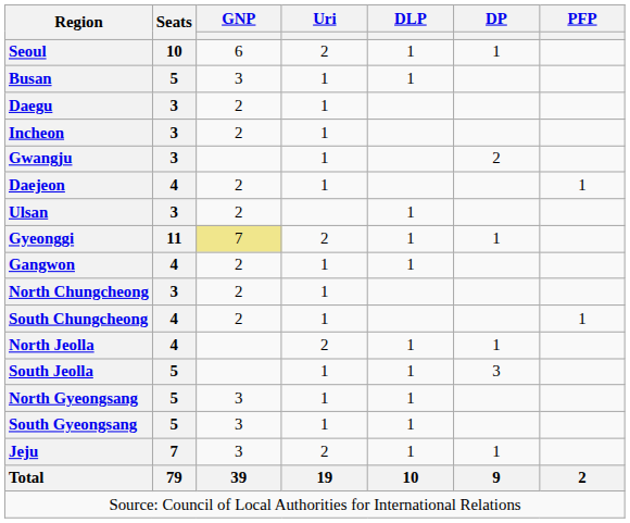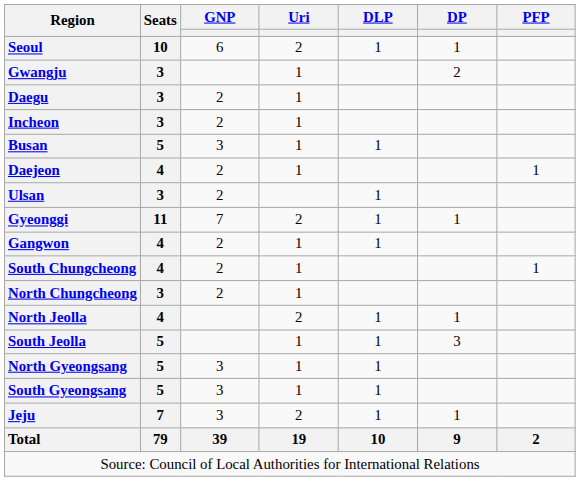 <table class="wikitable" style="text-align:center; font-size: 0.9em;">
 <tr>
 <th rowspan="2">Region</th>
 <th rowspan="2">Seats</th>
 <th class="unsortable" style="width:70px;"><a href='#'>GNP</a></th>
 <th class="unsortable" style="width:70px;"><a href='#'>Uri</a></th>
 <th class="unsortable" style="width:70px;"><a href='#'>DLP</a></th>
 <th class="unsortable" style="width:70px;"><a href='#'>DP</a></th>
 <th class="unsortable" style="width:70px;"><a href='#'>PFP</a></th>
 </tr>
 <tr>
 <th style="background:"></th>
 <th style="background:"></th>
 <th style="background:"></th>
 <th style="background:"></th>
 <th style="background:"></th>
 </tr>
 <tr>
 <th style="text-align: left;"><a href='#'>Seoul</a></th>
 <th>10</th>
 <td>6</td>
 <td>2</td>
 <td>1</td>
 <td>1</td>
 <td></td>
 </tr>
 <tr>
-<th style="text-align: left;"><a href='#'>Busan</a></th>
-<th>5</th>
-<td>3</td>
-<td>1</td>
+<th style="text-align: left;"><a href='#'>Gwangju</a></th>
+<th>3</th>
+<td></td>
 <td>1</td>
 <td></td>
+<td>2</td>
 <td></td>
 </tr>
 <tr>
 <th style="text-align: left;"><a href='#'>Daegu</a></th>
 <th>3</th>
 <td>2</td>
 <td>1</td>
 <td></td>
 <td></td>
 <td></td>
 </tr>
 <tr>
 <th style="text-align: left;"><a href='#'>Incheon</a></th>
 <th>3</th>
 <td>2</td>
 <td>1</td>
 <td></td>
 <td></td>
 <td></td>
 </tr>
 <tr>
-<th style="text-align: left;"><a href='#'>Gwangju</a></th>
-<th>3</th>
-<td></td>
+<th style="text-align: left;"><a href='#'>Busan</a></th>
+<th>5</th>
+<td>3</td>
+<td>1</td>
 <td>1</td>
 <td></td>
-<td>2</td>
 <td></td>
 </tr>
 <tr>
 <th style="text-align: left;"><a href='#'>Daejeon</a></th>
 <th>4</th>
 <td>2</td>
 <td>1</td>
 <td></td>
 <td></td>
 <td>1</td>
 </tr>
 <tr>
 <th style="text-align: left;"><a href='#'>Ulsan</a></th>
 <th>3</th>
 <td>2</td>
 <td></td>
 <td>1</td>
 <td></td>
 <td></td>
 </tr>
 <tr>
 <th style="text-align: left;"><a href='#'>Gyeonggi</a></th>
 <th>11</th>
-<td style="background: khaki;">7</td>
+<td>7</td>
 <td>2</td>
 <td>1</td>
 <td>1</td>
 <td></td>
 </tr>
 <tr>
 <th style="text-align: left;"><a href='#'>Gangwon</a></th>
 <th>4</th>
 <td>2</td>
 <td>1</td>
 <td>1</td>
 <td></td>
 <td></td>
 </tr>
 <tr>
+<th style="text-align: left;"><a href='#'>South Chungcheong</a></th>
+<th>4</th>
+<td>2</td>
+<td>1</td>
+<td></td>
+<td></td>
+<td>1</td>
+</tr>
+<tr>
 <th style="text-align: left;"><a href='#'>North Chungcheong</a></th>
 <th>3</th>
 <td>2</td>
 <td>1</td>
 <td></td>
 <td></td>
 <td></td>
-</tr>
-<tr>
-<th style="text-align: left;"><a href='#'>South Chungcheong</a></th>
-<th>4</th>
-<td>2</td>
-<td>1</td>
-<td></td>
-<td></td>
-<td>1</td>
 </tr>
 <tr>
 <th style="text-align: left;"><a href='#'>North Jeolla</a></th>
 <th>4</th>
 <td></td>
 <td>2</td>
 <td>1</td>
 <td>1</td>
 <td></td>
 </tr>
 <tr>
 <th style="text-align: left;"><a href='#'>South Jeolla</a></th>
 <th>5</th>
 <td></td>
 <td>1</td>
 <td>1</td>
 <td>3</td>
 <td></td>
 </tr>
 <tr>
 <th style="text-align: left;"><a href='#'>North Gyeongsang</a></th>
 <th>5</th>
 <td>3</td>
 <td>1</td>
 <td>1</td>
 <td></td>
 <td></td>
 </tr>
 <tr>
 <th style="text-align: left;"><a href='#'>South Gyeongsang</a></th>
 <th>5</th>
 <td>3</td>
 <td>1</td>
 <td>1</td>
 <td></td>
 <td></td>
 </tr>
 <tr>
 <th style="text-align: left;"><a href='#'>Jeju</a></th>
 <th>7</th>
 <td>3</td>
 <td>2</td>
 <td>1</td>
 <td>1</td>
 <td></td>
 </tr>
 <tr class="sortbottom">
 <th style="text-align: left;">Total</th>
 <th>79</th>
 <th>39</th>
 <th>19</th>
 <th>10</th>
 <th>9</th>
 <th>2</th>
 </tr>
 <tr>
 <td colspan="7">Source: Council of Local Authorities for International Relations</td>
 </tr>
 </table>
